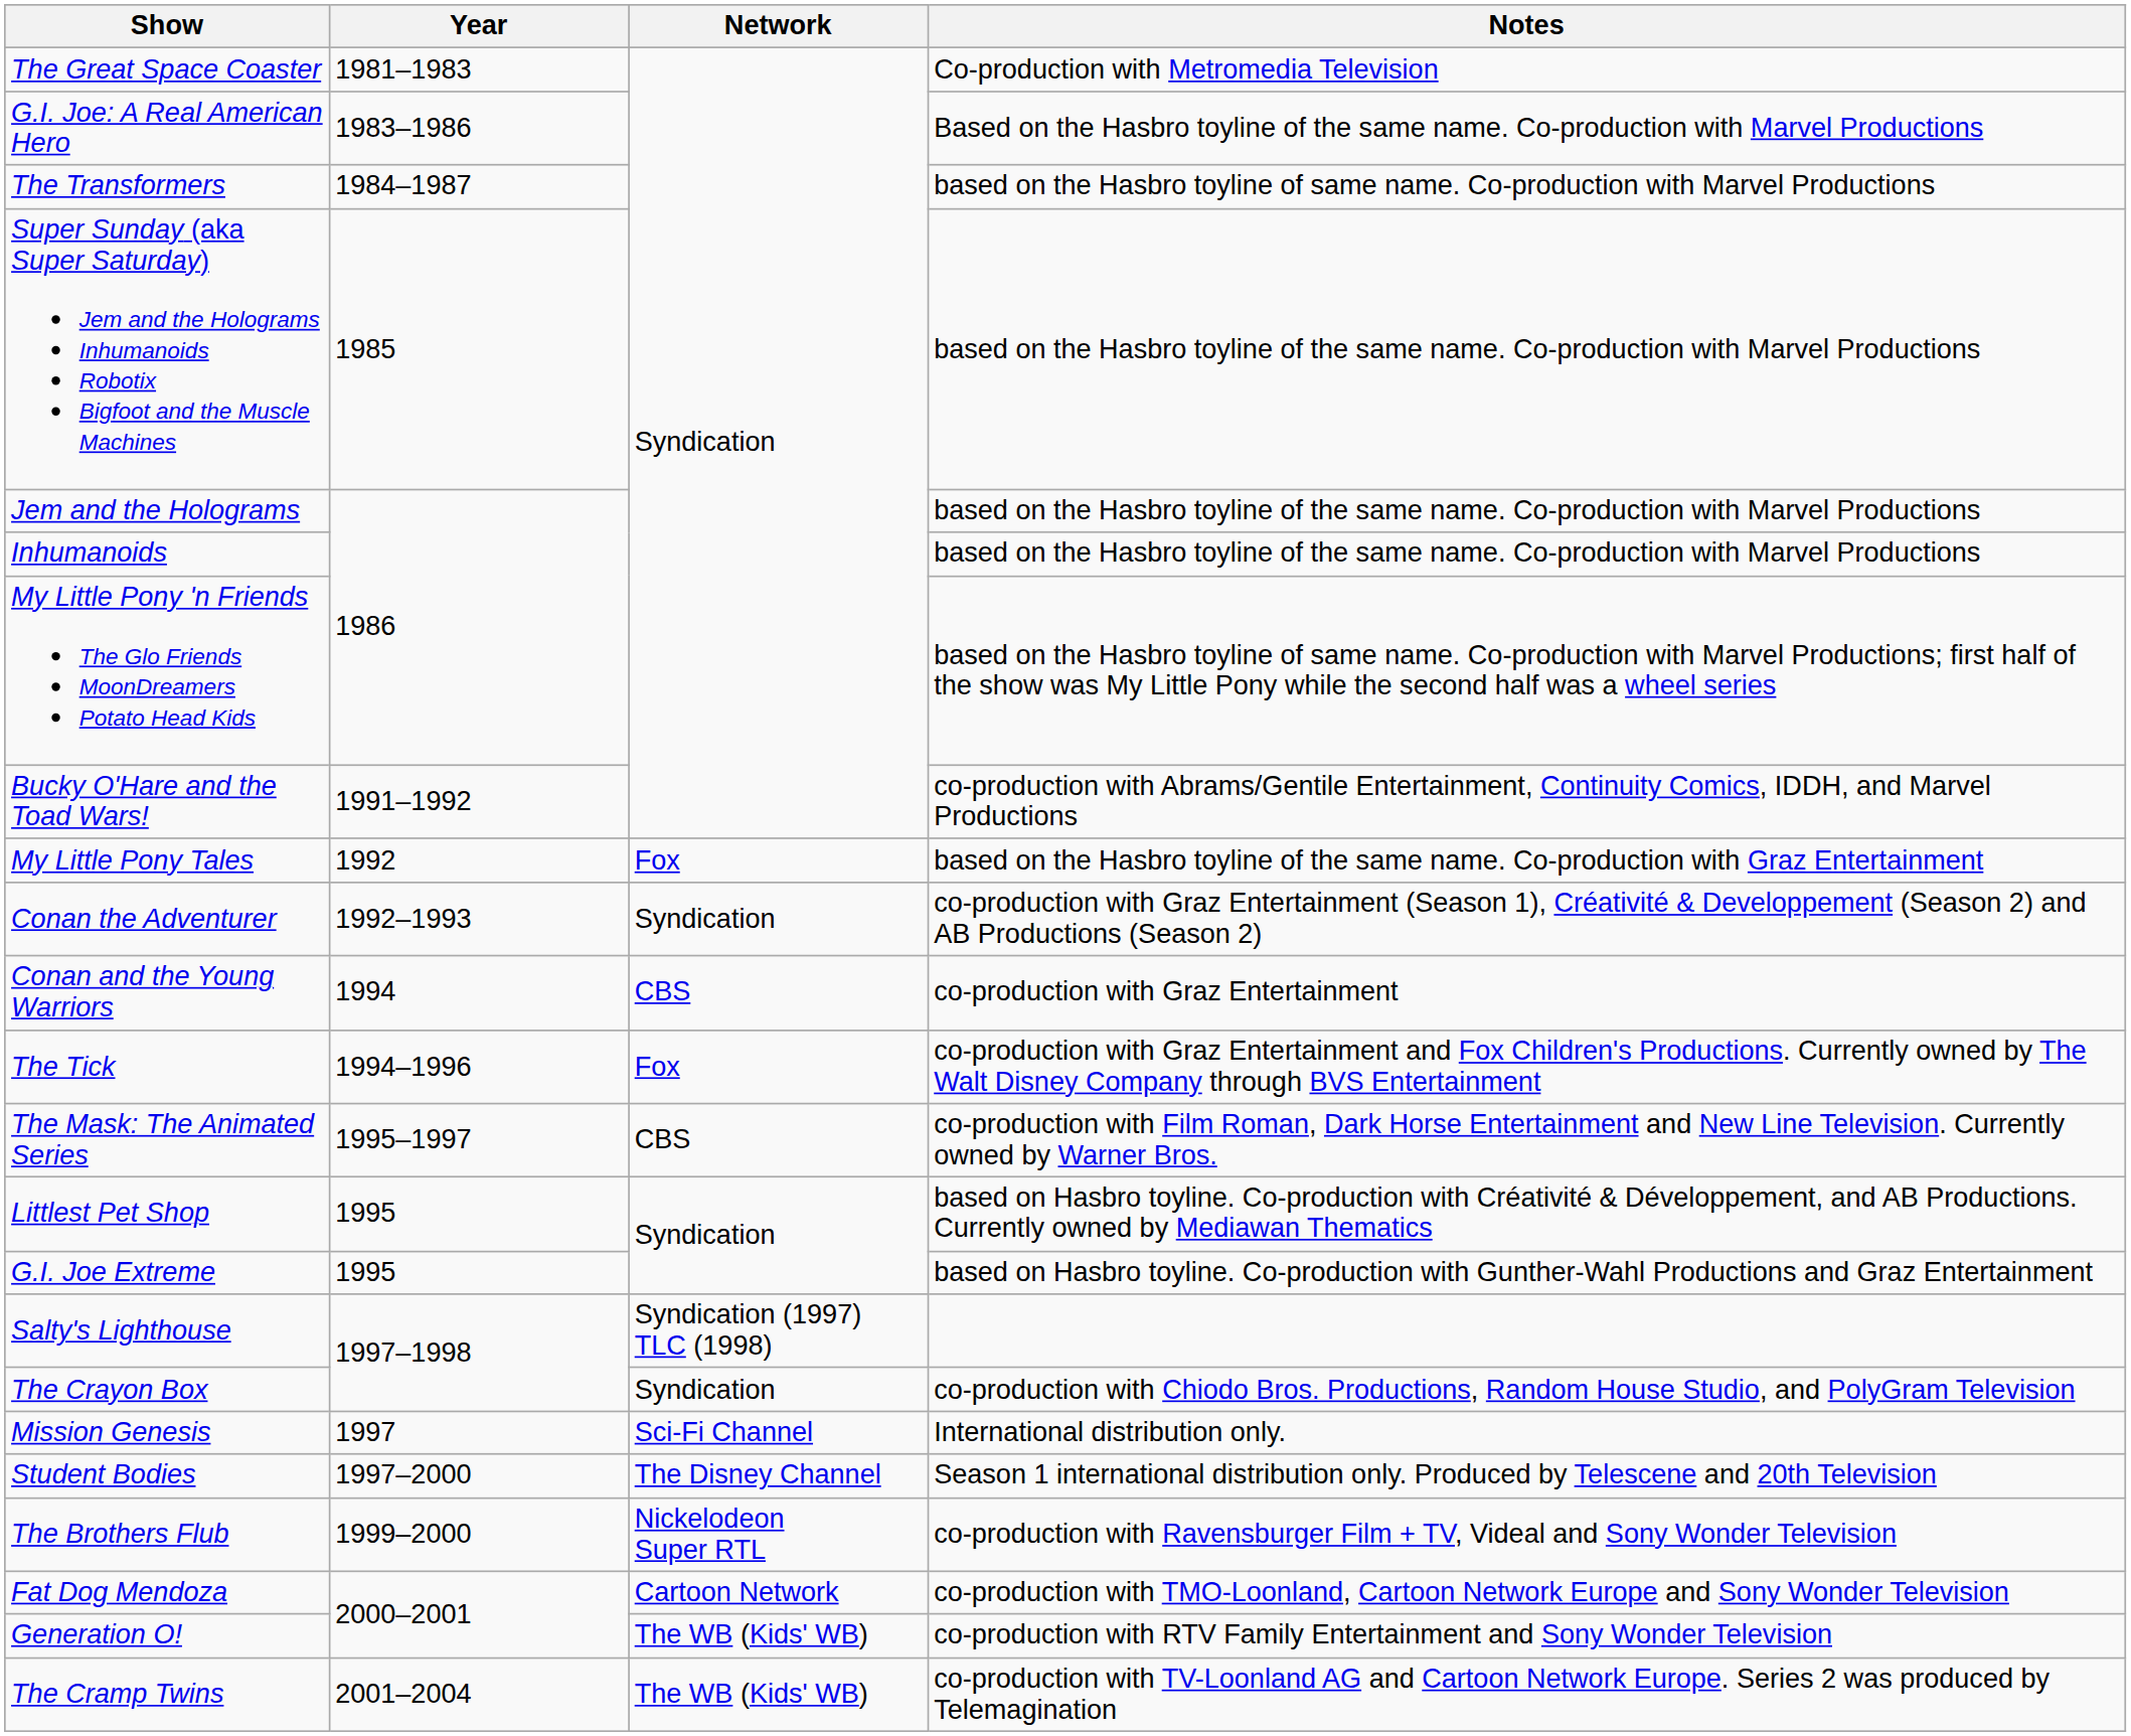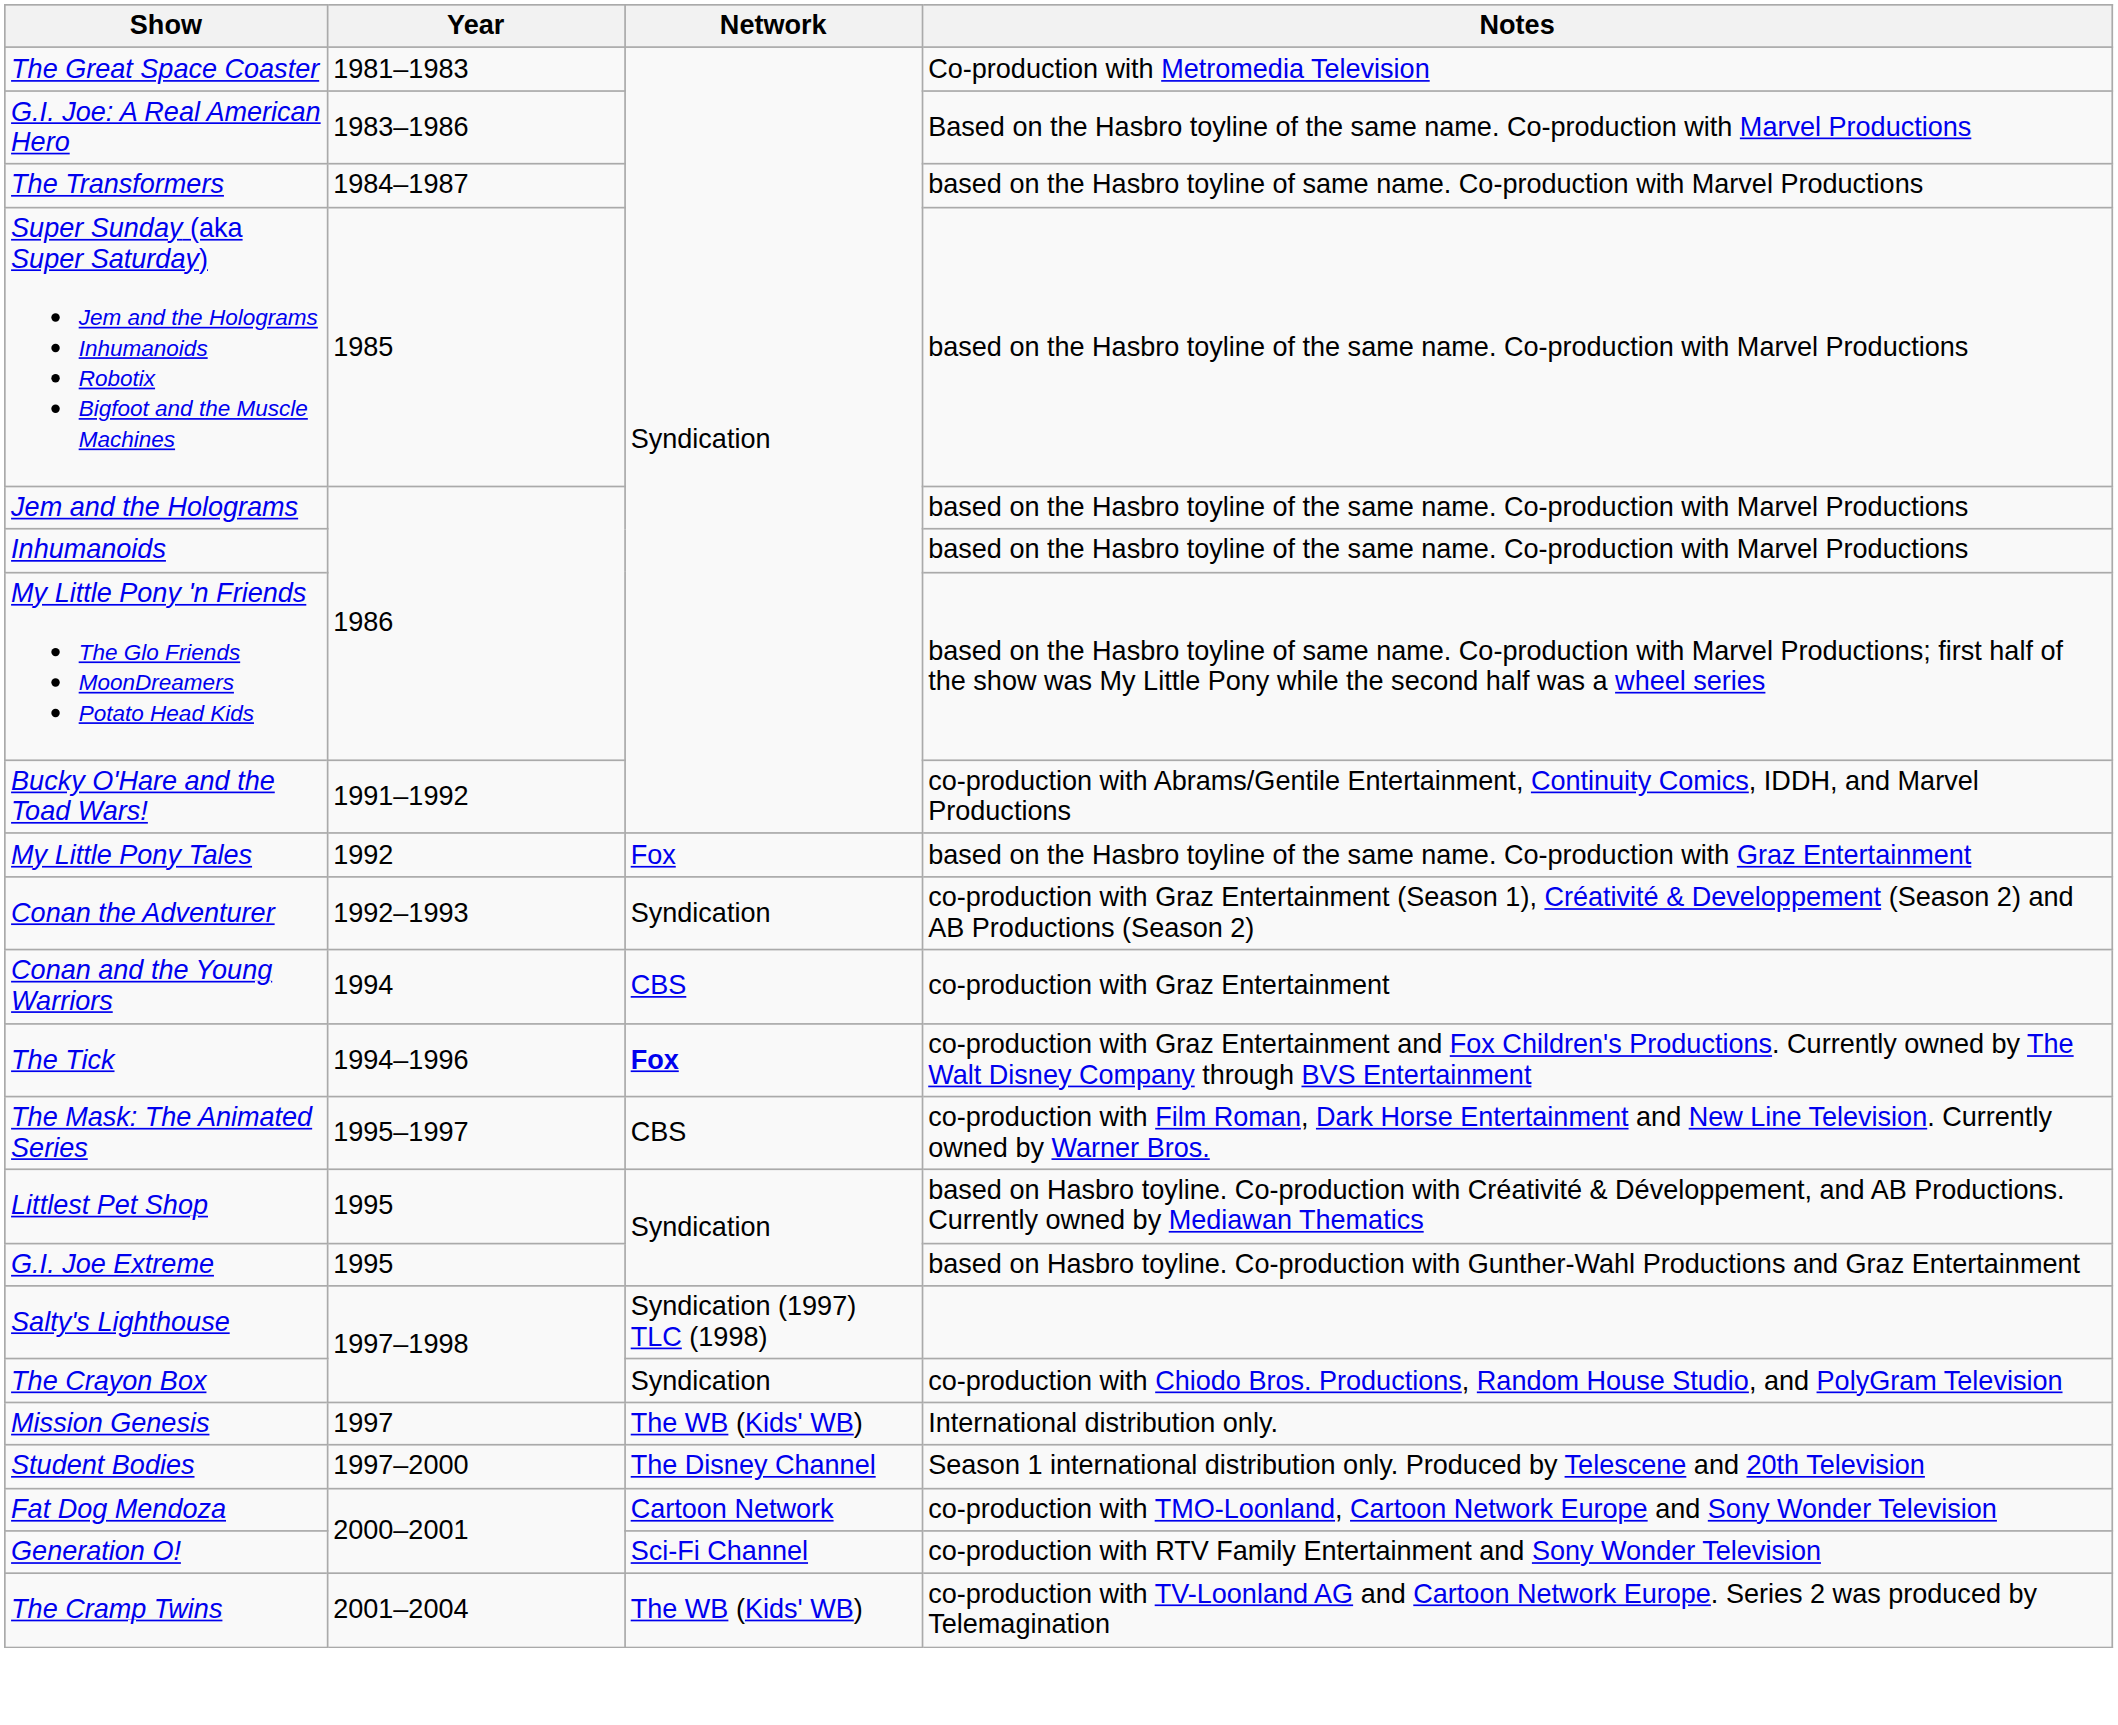 <table class="wikitable sortable" style="width: auto style="width:100%; table-layout: fixed">
 <tr>
 <th style="width:10%;">Show</th>
 <th style="width:10%;">Year</th>
 <th style="width:10%;">Network</th>
 <th style="width:40%;">Notes</th>
 </tr>
 <tr>
 <td><em><a href='#'>The Great Space Coaster</a></em></td>
 <td>1981–1983</td>
 <td rowspan=8>Syndication</td>
 <td>Co-production with <a href='#'>Metromedia Television</a></td>
 </tr>
 <tr>
 <td><em><a href='#'>G.I. Joe: A Real American Hero</a></em></td>
 <td>1983–1986</td>
 <td>Based on the Hasbro toyline of the same name. Co-production with <a href='#'>Marvel Productions</a></td>
 </tr>
 <tr>
 <td><em><a href='#'>The Transformers</a></em></td>
 <td>1984–1987</td>
 <td>based on the Hasbro toyline of same name. Co-production with Marvel Productions</td>
 </tr>
 <tr>
 <td><a href='#'><em>Super Sunday</em> (aka <em>Super Saturday</em>)</a><br><ul><li><small><em><a href='#'>Jem and the Holograms</a></em></small></li><li><small><em><a href='#'>Inhumanoids</a></em></small></li><li><small><em><a href='#'>Robotix</a></em></small></li><li><small><em><a href='#'>Bigfoot and the Muscle Machines</a></em></small></li></ul></td>
 <td>1985</td>
 <td>based on the Hasbro toyline of the same name. Co-production with Marvel Productions</td>
 </tr>
 <tr>
 <td><em><a href='#'>Jem and the Holograms</a></em></td>
 <td rowspan=3>1986</td>
 <td>based on the Hasbro toyline of the same name. Co-production with Marvel Productions</td>
 </tr>
 <tr>
 <td><em><a href='#'>Inhumanoids</a></em></td>
 <td>based on the Hasbro toyline of the same name. Co-production with Marvel Productions</td>
 </tr>
 <tr>
 <td><em><a href='#'>My Little Pony 'n Friends</a></em><br><ul><li><small><em><a href='#'>The Glo Friends</a></em></small></li><li><small><em><a href='#'>MoonDreamers</a></em></small></li><li><small><em><a href='#'>Potato Head Kids</a></em></small></li></ul></td>
 <td>based on the Hasbro toyline of same name. Co-production with Marvel Productions; first half of the show was My Little Pony while the second half was a <a href='#'>wheel series</a></td>
 </tr>
 <tr>
 <td><em><a href='#'>Bucky O'Hare and the Toad Wars!</a></em></td>
 <td>1991–1992</td>
 <td>co-production with Abrams/Gentile Entertainment, <a href='#'>Continuity Comics</a>, IDDH, and Marvel Productions</td>
 </tr>
 <tr>
 <td><em><a href='#'>My Little Pony Tales</a></em></td>
 <td>1992</td>
 <td><a href='#'>Fox</a></td>
 <td>based on the Hasbro toyline of the same name. Co-production with <a href='#'>Graz Entertainment</a></td>
 </tr>
 <tr>
 <td><em><a href='#'>Conan the Adventurer</a></em></td>
 <td>1992–1993</td>
 <td>Syndication</td>
 <td>co-production with Graz Entertainment (Season 1), <a href='#'>Créativité & Developpement</a> (Season 2) and AB Productions (Season 2)</td>
 </tr>
 <tr>
 <td><em><a href='#'>Conan and the Young Warriors</a></em></td>
 <td>1994</td>
 <td><a href='#'>CBS</a></td>
 <td>co-production with Graz Entertainment</td>
 </tr>
 <tr>
 <td><em><a href='#'>The Tick</a></em></td>
 <td>1994–1996</td>
-<td><a href='#'>Fox</a></td>
+<td><strong><a href='#'>Fox</a></strong></td>
 <td>co-production with Graz Entertainment and <a href='#'>Fox Children's Productions</a>. Currently owned by <a href='#'>The Walt Disney Company</a> through <a href='#'>BVS Entertainment</a></td>
 </tr>
 <tr>
 <td><em><a href='#'>The Mask: The Animated Series</a></em></td>
 <td>1995–1997</td>
 <td>CBS</td>
 <td>co-production with <a href='#'>Film Roman</a>, <a href='#'>Dark Horse Entertainment</a> and <a href='#'>New Line Television</a>. Currently owned by <a href='#'>Warner Bros.</a></td>
 </tr>
 <tr>
 <td><em><a href='#'>Littlest Pet Shop</a></em></td>
 <td>1995</td>
 <td rowspan=2>Syndication</td>
 <td>based on Hasbro toyline. Co-production with Créativité & Développement, and AB Productions. Currently owned by <a href='#'>Mediawan Thematics</a></td>
 </tr>
 <tr>
 <td><em><a href='#'>G.I. Joe Extreme</a></em></td>
 <td>1995</td>
 <td>based on Hasbro toyline. Co-production with Gunther-Wahl Productions and Graz Entertainment</td>
 </tr>
 <tr>
 <td><em><a href='#'>Salty's Lighthouse</a></em></td>
 <td rowspan=2>1997–1998</td>
 <td>Syndication (1997)<br><a href='#'>TLC</a> (1998)</td>
 <td></td>
 </tr>
 <tr>
 <td><em><a href='#'>The Crayon Box</a></em></td>
 <td>Syndication</td>
 <td>co-production with <a href='#'>Chiodo Bros. Productions</a>, <a href='#'>Random House Studio</a>, and <a href='#'>PolyGram Television</a></td>
 </tr>
 <tr>
 <td><em><a href='#'>Mission Genesis</a></em></td>
 <td>1997</td>
-<td><a href='#'>Sci-Fi Channel</a></td>
+<td><a href='#'>The WB</a> (<a href='#'>Kids' WB</a>)</td>
 <td>International distribution only.</td>
 </tr>
 <tr>
 <td><em><a href='#'>Student Bodies</a></em></td>
 <td>1997–2000</td>
 <td><a href='#'>The Disney Channel</a></td>
 <td>Season 1 international distribution only. Produced by <a href='#'>Telescene</a> and <a href='#'>20th Television</a></td>
 </tr>
 <tr>
-<td><em><a href='#'>The Brothers Flub</a></em></td>
-<td>1999–2000</td>
-<td><a href='#'>Nickelodeon</a><br><a href='#'>Super RTL</a></td>
-<td>co-production with <a href='#'>Ravensburger Film + TV</a>, Videal and <a href='#'>Sony Wonder Television</a></td>
-</tr>
-<tr>
 <td><em><a href='#'>Fat Dog Mendoza</a></em></td>
 <td rowspan=2>2000–2001</td>
 <td><a href='#'>Cartoon Network</a></td>
 <td>co-production with <a href='#'>TMO-Loonland</a>, <a href='#'>Cartoon Network Europe</a> and <a href='#'>Sony Wonder Television</a></td>
 </tr>
 <tr>
 <td><em><a href='#'>Generation O!</a></em></td>
-<td><a href='#'>The WB</a> (<a href='#'>Kids' WB</a>)</td>
+<td><a href='#'>Sci-Fi Channel</a></td>
 <td>co-production with RTV Family Entertainment and <a href='#'>Sony Wonder Television</a></td>
 </tr>
 <tr>
 <td><em><a href='#'>The Cramp Twins</a></em></td>
 <td>2001–2004</td>
 <td><a href='#'>The WB</a> (<a href='#'>Kids' WB</a>)</td>
 <td>co-production with <a href='#'>TV-Loonland AG</a> and <a href='#'>Cartoon Network Europe</a>. Series 2 was produced by Telemagination</td>
 </tr>
 </table>
